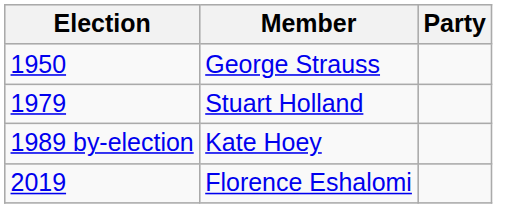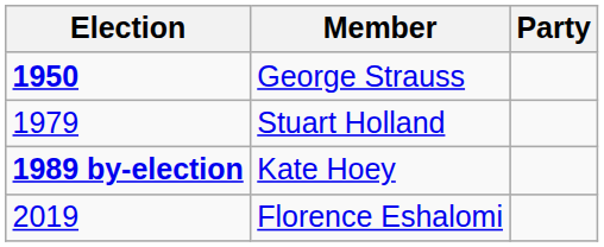 <table class="wikitable">
 <tr>
 <th>Election</th>
 <th>Member</th>
 <th colspan="2">Party</th>
 </tr>
 <tr>
-<td><a href='#'>1950</a></td>
+<td><strong><a href='#'>1950</a></strong></td>
 <td><a href='#'>George Strauss</a></td>
 <td></td>
 </tr>
 <tr>
 <td><a href='#'>1979</a></td>
 <td><a href='#'>Stuart Holland</a></td>
 <td></td>
 </tr>
 <tr>
-<td><a href='#'>1989 by-election</a></td>
+<td><strong><a href='#'>1989 by-election</a></strong></td>
 <td><a href='#'>Kate Hoey</a></td>
 <td></td>
 </tr>
 <tr>
 <td><a href='#'>2019</a></td>
 <td><a href='#'>Florence Eshalomi</a></td>
 <td></td>
 </tr>
 </table>
